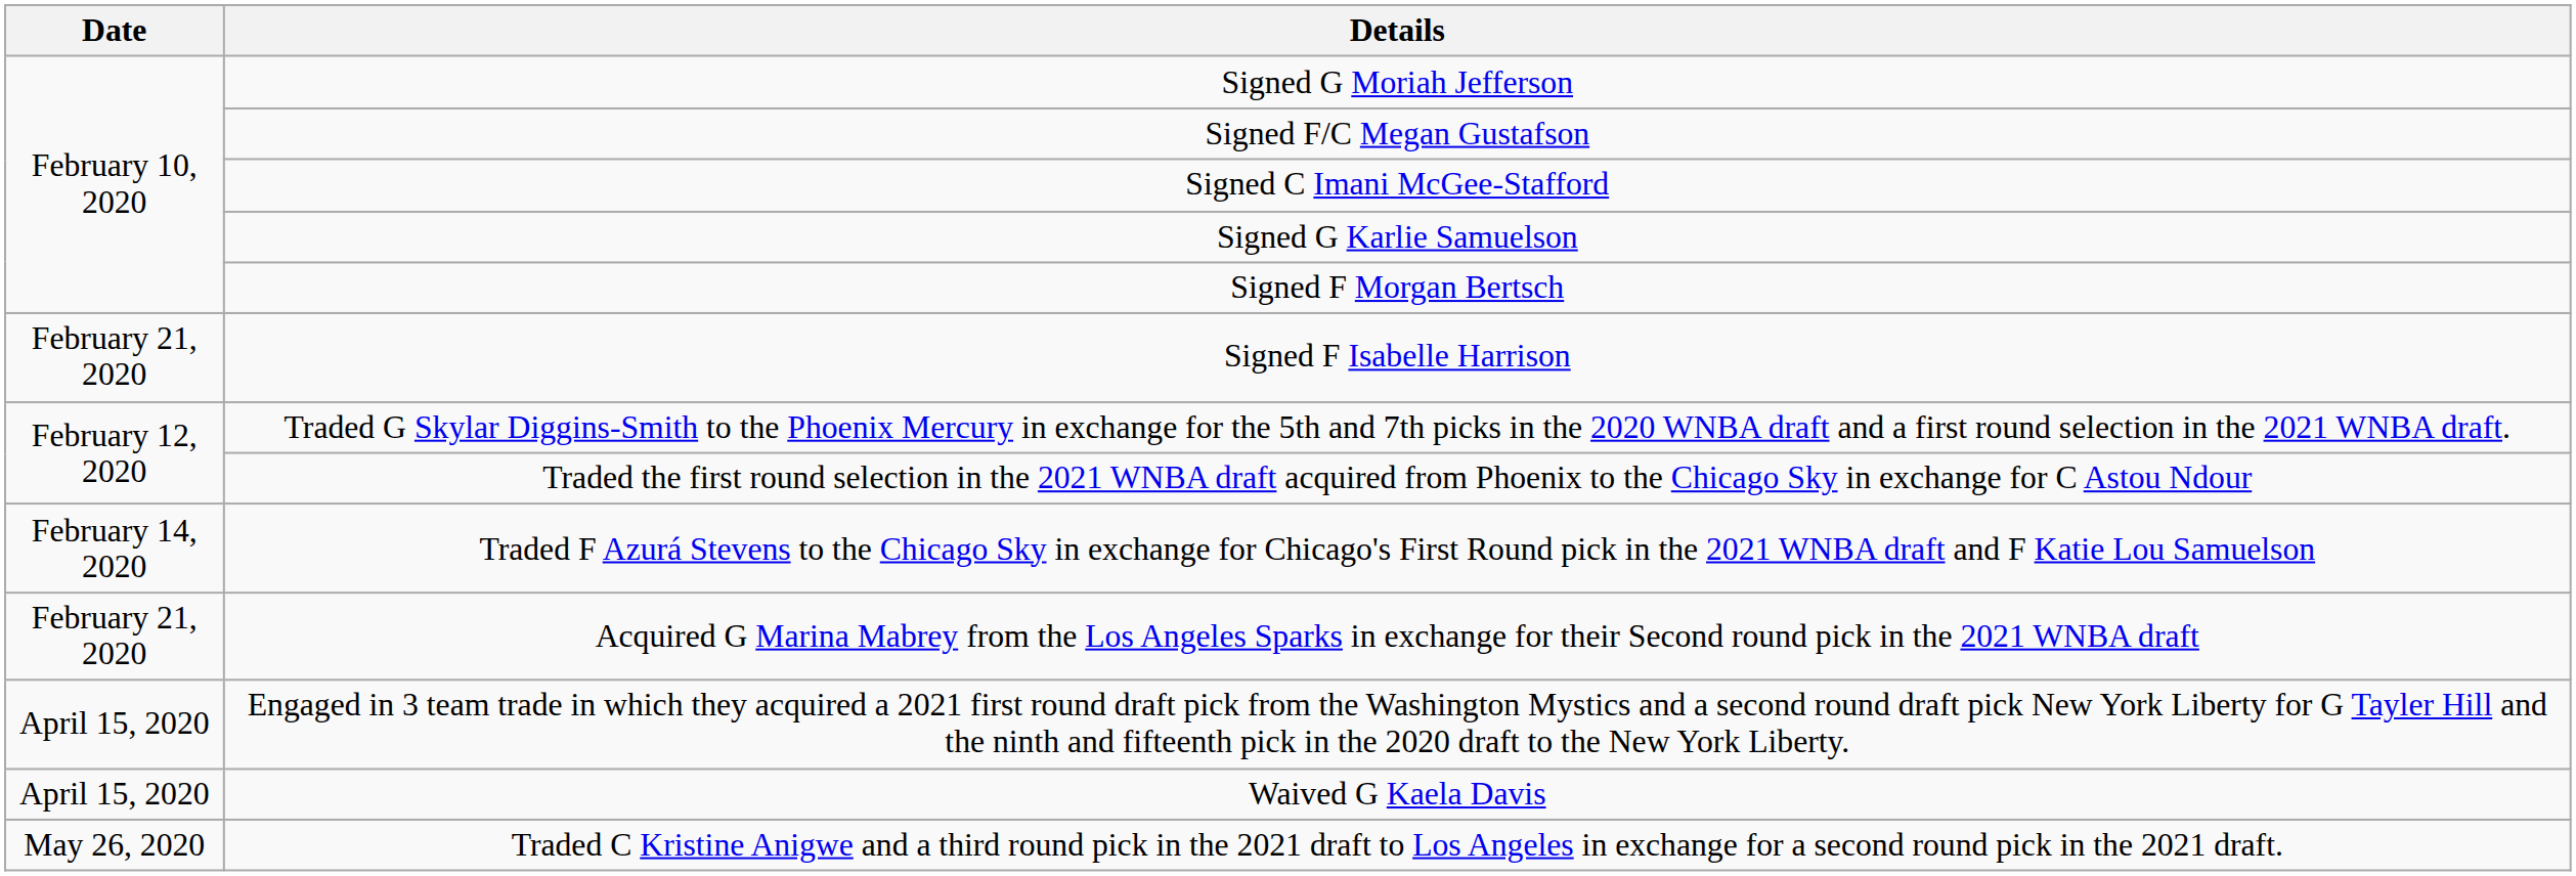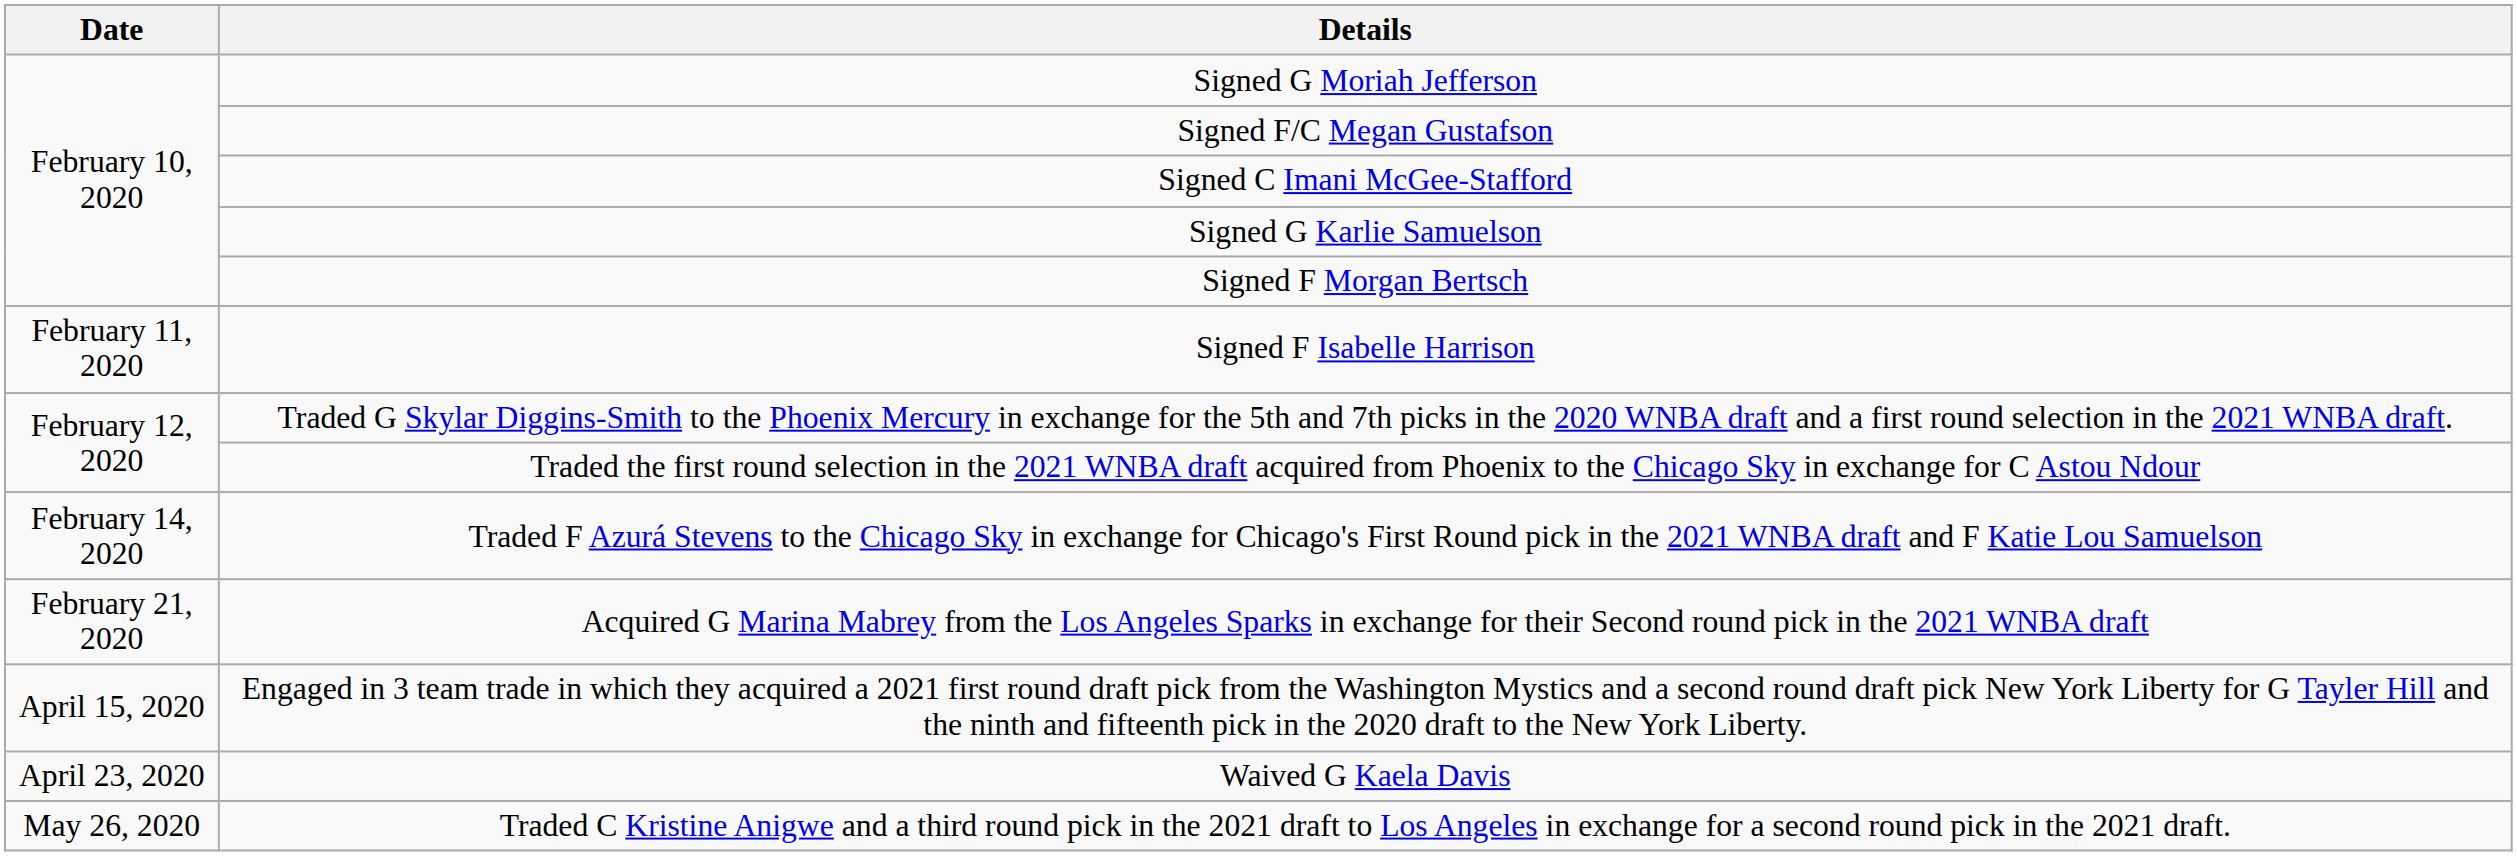 <table class="wikitable" style="width:80%; text-align: center;">
 <tr>
 <th>Date</th>
 <th>Details</th>
 </tr>
 <tr>
 <td rowspan=5>February 10, 2020</td>
 <td>Signed G <a href='#'>Moriah Jefferson</a></td>
 </tr>
 <tr>
 <td>Signed F/C <a href='#'>Megan Gustafson</a></td>
 </tr>
 <tr>
 <td>Signed C <a href='#'>Imani McGee-Stafford</a></td>
 </tr>
 <tr>
 <td>Signed G <a href='#'>Karlie Samuelson</a></td>
 </tr>
 <tr>
 <td>Signed F <a href='#'>Morgan Bertsch</a></td>
 </tr>
 <tr>
-<td>February 21, 2020</td>
+<td>February 11, 2020</td>
 <td>Signed F <a href='#'>Isabelle Harrison</a></td>
 </tr>
 <tr>
 <td rowspan=2>February 12, 2020</td>
 <td>Traded G <a href='#'>Skylar Diggins-Smith</a> to the <a href='#'>Phoenix Mercury</a> in exchange for the 5th and 7th picks in the <a href='#'>2020 WNBA draft</a> and a first round selection in the <a href='#'>2021 WNBA draft</a>.</td>
 </tr>
 <tr>
 <td>Traded the first round selection in the <a href='#'>2021 WNBA draft</a> acquired from Phoenix to the <a href='#'>Chicago Sky</a> in exchange for C <a href='#'>Astou Ndour</a></td>
 </tr>
 <tr>
 <td>February 14, 2020</td>
 <td>Traded F <a href='#'>Azurá Stevens</a> to the <a href='#'>Chicago Sky</a> in exchange for Chicago's First Round pick in the <a href='#'>2021 WNBA draft</a> and F <a href='#'>Katie Lou Samuelson</a></td>
 </tr>
 <tr>
 <td>February 21, 2020</td>
 <td>Acquired G <a href='#'>Marina Mabrey</a> from the <a href='#'>Los Angeles Sparks</a> in exchange for their Second round pick in the <a href='#'>2021 WNBA draft</a></td>
 </tr>
 <tr>
 <td>April 15, 2020</td>
 <td>Engaged in 3 team trade in which they acquired a 2021 first round draft pick from the Washington Mystics and a second round draft pick New York Liberty for G <a href='#'>Tayler Hill</a> and the ninth and fifteenth pick in the 2020 draft to the New York Liberty.</td>
 </tr>
 <tr>
-<td>April 15, 2020</td>
+<td>April 23, 2020</td>
 <td>Waived G <a href='#'>Kaela Davis</a></td>
 </tr>
 <tr>
 <td>May 26, 2020</td>
 <td>Traded C <a href='#'>Kristine Anigwe</a> and a third round pick in the 2021 draft to <a href='#'>Los Angeles</a> in exchange for a second round pick in the 2021 draft.</td>
 </tr>
 </table>
